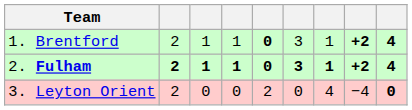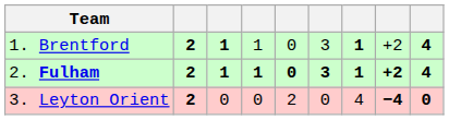 <table class="wikitable" style="text-align:center">
 <tr>
 <th width="125">Team</th>
 <th width="20"></th>
 <th width="20"></th>
 <th width="20"></th>
 <th width="20"></th>
 <th width="20"></th>
 <th width="20"></th>
 <th width="20"></th>
 <th width="20"></th>
 </tr>
 <tr bgcolor="#ccffcc">
 <td align=left>1. <a href='#'>Brentford</a></td>
-<td>2</td>
+<td><strong>2</strong></td>
+<td><strong>1</strong></td>
 <td>1</td>
-<td>1</td>
-<td><strong>0</strong></td>
+<td>0</td>
 <td>3</td>
-<td>1</td>
-<td><strong>+2</strong></td>
+<td><strong>1</strong></td>
+<td>+2</td>
 <td><strong>4</strong></td>
 </tr>
 <tr bgcolor="#ccffcc">
 <td align=left>2. <strong><a href='#'>Fulham</a></strong></td>
 <td><strong>2</strong></td>
 <td><strong>1</strong></td>
 <td><strong>1</strong></td>
 <td><strong>0</strong></td>
 <td><strong>3</strong></td>
 <td><strong>1</strong></td>
 <td><strong>+2</strong></td>
 <td><strong>4</strong></td>
 </tr>
 <tr bgcolor="#ffcccc">
 <td align=left>3. <a href='#'>Leyton Orient</a></td>
-<td>2</td>
+<td><strong>2</strong></td>
 <td>0</td>
 <td>0</td>
 <td>2</td>
 <td>0</td>
 <td>4</td>
-<td>−4</td>
+<td><strong>−4</strong></td>
 <td><strong>0</strong></td>
 </tr>
 </table>
